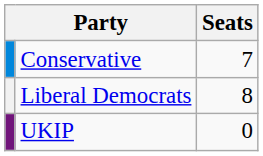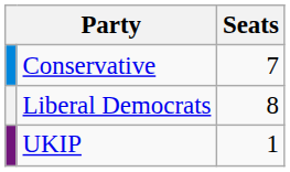 <table class="wikitable">
 <tr>
 <th colspan=2>Party</th>
 <th>Seats</th>
 </tr>
 <tr>
 <th style="background-color: #0087DC"></th>
 <td><a href='#'>Conservative</a></td>
 <td align=right>7</td>
 </tr>
 <tr>
 <th style="background-color: "></th>
 <td><a href='#'>Liberal Democrats</a></td>
 <td align=right>8</td>
 </tr>
 <tr>
 <th style="background-color: #70147A"></th>
 <td><a href='#'>UKIP</a></td>
-<td align=right>0</td>
+<td align=right>1</td>
 </tr>
 </table>
